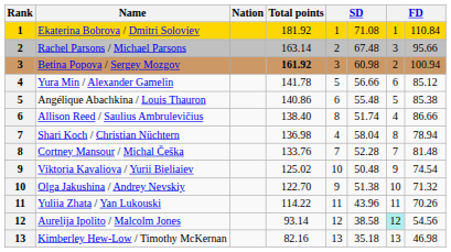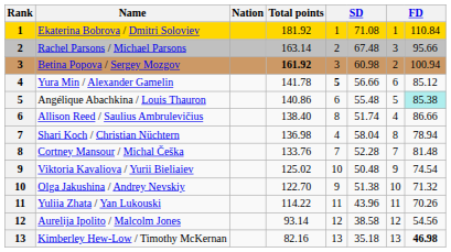 <table class="wikitable sortable">
 <tr>
 <th>Rank</th>
 <th>Name</th>
 <th>Nation</th>
 <th>Total points</th>
 <th colspan="2" width="80px"><a href='#'>SD</a></th>
 <th colspan="2" width="80px"><a href='#'>FD</a></th>
 </tr>
 <tr bgcolor="gold">
 <td align="center"><strong>1</strong></td>
 <td><a href='#'>Ekaterina Bobrova</a> / <a href='#'>Dmitri Soloviev</a></td>
 <td></td>
 <td align="center">181.92</td>
 <td align="center">1</td>
 <td align="center">71.08</td>
 <td align="center">1</td>
 <td align="center">110.84</td>
 </tr>
 <tr bgcolor="silver">
 <td align="center"><strong>2</strong></td>
 <td><a href='#'>Rachel Parsons</a> / <a href='#'>Michael Parsons</a></td>
 <td></td>
 <td align="center">163.14</td>
 <td align="center">2</td>
 <td align="center">67.48</td>
 <td align="center">3</td>
 <td align="center">95.66</td>
 </tr>
 <tr bgcolor="cc9966">
 <td align="center"><strong>3</strong></td>
 <td><a href='#'>Betina Popova</a> / <a href='#'>Sergey Mozgov</a></td>
 <td></td>
 <td align="center"><strong>161.92</strong></td>
 <td align="center">3</td>
 <td align="center">60.98</td>
 <td align="center">2</td>
 <td align="center">100.94</td>
 </tr>
 <tr>
 <th>4</th>
 <td><a href='#'>Yura Min</a> / <a href='#'>Alexander Gamelin</a></td>
 <td></td>
 <td align="center">141.78</td>
-<td align="center">5</td>
+<td align="center"><strong>5</strong></td>
 <td align="center">56.66</td>
 <td align="center">6</td>
 <td align="center">85.12</td>
 </tr>
 <tr>
 <th>5</th>
 <td>Angélique Abachkina / <a href='#'>Louis Thauron</a></td>
 <td></td>
 <td align="center">140.86</td>
 <td align="center">6</td>
 <td align="center">55.48</td>
 <td align="center">5</td>
-<td align="center">85.38</td>
+<td align="center" style="background: paleturquoise;">85.38</td>
 </tr>
 <tr>
 <th>6</th>
 <td><a href='#'>Allison Reed</a> / <a href='#'>Saulius Ambrulevičius</a></td>
 <td></td>
 <td align="center">138.40</td>
 <td align="center">8</td>
 <td align="center">51.74</td>
 <td align="center">4</td>
 <td align="center">86.66</td>
 </tr>
 <tr>
 <th>7</th>
 <td><a href='#'>Shari Koch</a> / <a href='#'>Christian Nüchtern</a></td>
 <td></td>
 <td align="center">136.98</td>
 <td align="center">4</td>
 <td align="center">58.04</td>
 <td align="center">8</td>
 <td align="center">78.94</td>
 </tr>
 <tr>
 <th>8</th>
 <td><a href='#'>Cortney Mansour</a> / <a href='#'>Michal Češka</a></td>
 <td></td>
 <td align="center">133.76</td>
 <td align="center">7</td>
 <td align="center">52.28</td>
 <td align="center">7</td>
 <td align="center">81.48</td>
 </tr>
 <tr>
 <th>9</th>
 <td><a href='#'>Viktoria Kavaliova</a> / <a href='#'>Yurii Bieliaiev</a></td>
 <td></td>
 <td align="center">125.02</td>
 <td align="center">10</td>
 <td align="center">50.48</td>
 <td align="center">9</td>
 <td align="center">74.54</td>
 </tr>
 <tr>
 <th>10</th>
 <td><a href='#'>Olga Jakushina</a> / <a href='#'>Andrey Nevskiy</a></td>
 <td></td>
 <td align="center">122.70</td>
 <td align="center">9</td>
 <td align="center">51.38</td>
 <td align="center">10</td>
 <td align="center">71.32</td>
 </tr>
 <tr>
 <th>11</th>
 <td><a href='#'>Yuliia Zhata</a> / <a href='#'>Yan Lukouski</a></td>
 <td></td>
 <td align="center">114.22</td>
 <td align="center">11</td>
 <td align="center">43.96</td>
 <td align="center">11</td>
 <td align="center">70.26</td>
 </tr>
 <tr>
 <th>12</th>
 <td><a href='#'>Aurelija Ipolito</a> / <a href='#'>Malcolm Jones</a></td>
 <td></td>
 <td align="center">93.14</td>
 <td align="center">12</td>
 <td align="center">38.58</td>
-<td align="center" style="background: paleturquoise;">12</td>
+<td align="center">12</td>
 <td align="center">54.56</td>
 </tr>
 <tr>
 <th>13</th>
 <td><a href='#'>Kimberley Hew-Low</a> / Timothy McKernan</td>
 <td></td>
 <td align="center">82.16</td>
 <td align="center">13</td>
 <td align="center">35.18</td>
 <td align="center">13</td>
-<td align="center">46.98</td>
+<td align="center"><strong>46.98</strong></td>
 </tr>
 </table>
